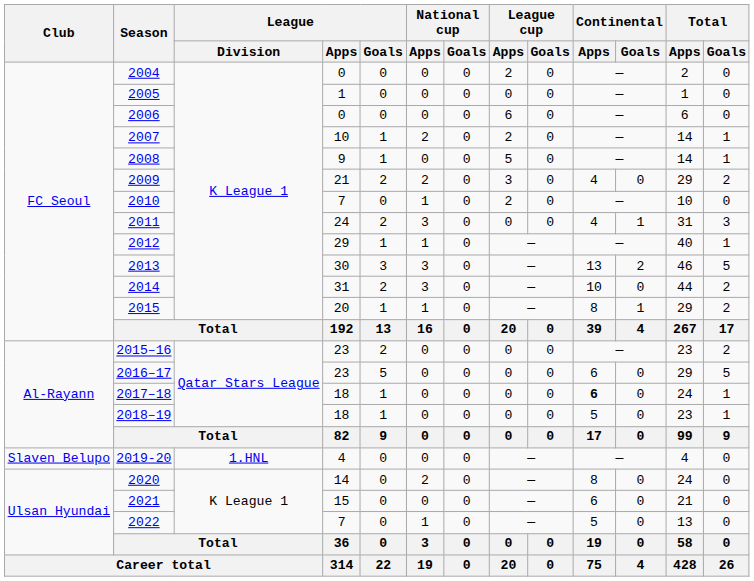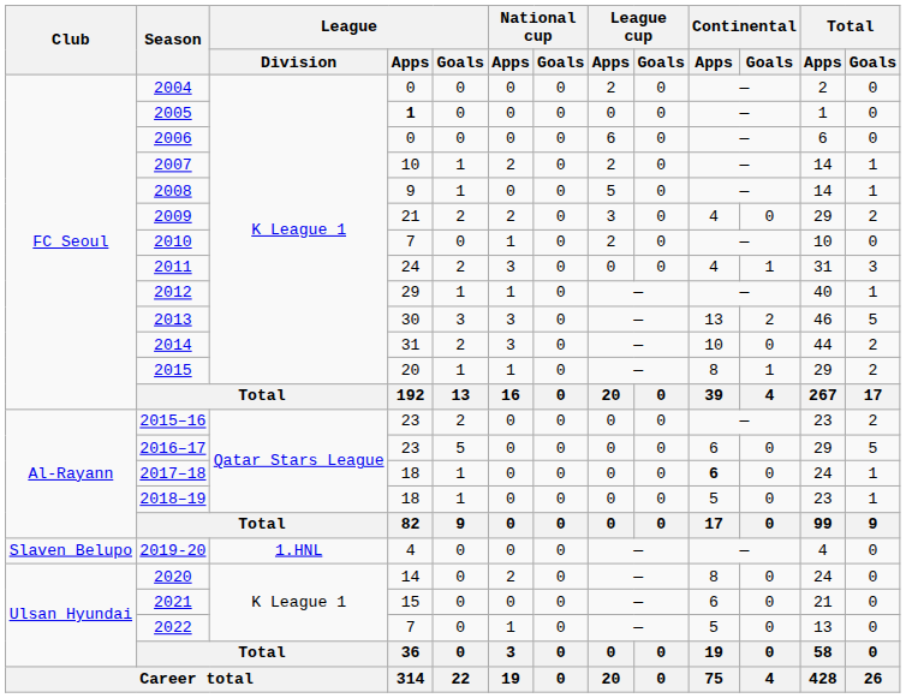 <table class="wikitable" style="text-align:center">
 <tr>
 <th rowspan="2">Club</th>
 <th rowspan="2">Season</th>
 <th colspan="3">League</th>
 <th colspan="2">National cup</th>
 <th colspan="2">League cup</th>
 <th colspan="2">Continental</th>
 <th colspan="2">Total</th>
 </tr>
 <tr>
 <th>Division</th>
 <th width="10">Apps</th>
 <th width="10">Goals</th>
 <th width="10">Apps</th>
 <th width="10">Goals</th>
 <th width="10">Apps</th>
 <th width="10">Goals</th>
 <th width="10">Apps</th>
 <th width="10">Goals</th>
 <th width="10">Apps</th>
 <th width="10">Goals</th>
 </tr>
 <tr>
 <td rowspan="13"><a href='#'>FC Seoul</a></td>
 <td><a href='#'>2004</a></td>
 <td rowspan="12"><a href='#'>K League 1</a></td>
 <td>0</td>
 <td>0</td>
 <td>0</td>
 <td>0</td>
 <td>2</td>
 <td>0</td>
 <td colspan="2">—</td>
 <td>2</td>
 <td>0</td>
 </tr>
 <tr>
 <td><a href='#'>2005</a></td>
-<td>1</td>
+<td><strong>1</strong></td>
 <td>0</td>
 <td>0</td>
 <td>0</td>
 <td>0</td>
 <td>0</td>
 <td colspan="2">—</td>
 <td>1</td>
 <td>0</td>
 </tr>
 <tr>
 <td><a href='#'>2006</a></td>
 <td>0</td>
 <td>0</td>
 <td>0</td>
 <td>0</td>
 <td>6</td>
 <td>0</td>
 <td colspan="2">—</td>
 <td>6</td>
 <td>0</td>
 </tr>
 <tr>
 <td><a href='#'>2007</a></td>
 <td>10</td>
 <td>1</td>
 <td>2</td>
 <td>0</td>
 <td>2</td>
 <td>0</td>
 <td colspan="2">—</td>
 <td>14</td>
 <td>1</td>
 </tr>
 <tr>
 <td><a href='#'>2008</a></td>
 <td>9</td>
 <td>1</td>
 <td>0</td>
 <td>0</td>
 <td>5</td>
 <td>0</td>
 <td colspan="2">—</td>
 <td>14</td>
 <td>1</td>
 </tr>
 <tr>
 <td><a href='#'>2009</a></td>
 <td>21</td>
 <td>2</td>
 <td>2</td>
 <td>0</td>
 <td>3</td>
 <td>0</td>
 <td>4</td>
 <td>0</td>
 <td>29</td>
 <td>2</td>
 </tr>
 <tr>
 <td><a href='#'>2010</a></td>
 <td>7</td>
 <td>0</td>
 <td>1</td>
 <td>0</td>
 <td>2</td>
 <td>0</td>
 <td colspan="2">—</td>
 <td>10</td>
 <td>0</td>
 </tr>
 <tr>
 <td><a href='#'>2011</a></td>
 <td>24</td>
 <td>2</td>
 <td>3</td>
 <td>0</td>
 <td>0</td>
 <td>0</td>
 <td>4</td>
 <td>1</td>
 <td>31</td>
 <td>3</td>
 </tr>
 <tr>
 <td><a href='#'>2012</a></td>
 <td>29</td>
 <td>1</td>
 <td>1</td>
 <td>0</td>
 <td colspan="2">—</td>
 <td colspan="2">—</td>
 <td>40</td>
 <td>1</td>
 </tr>
 <tr>
 <td><a href='#'>2013</a></td>
 <td>30</td>
 <td>3</td>
 <td>3</td>
 <td>0</td>
 <td colspan="2">—</td>
 <td>13</td>
 <td>2</td>
 <td>46</td>
 <td>5</td>
 </tr>
 <tr>
 <td><a href='#'>2014</a></td>
 <td>31</td>
 <td>2</td>
 <td>3</td>
 <td>0</td>
 <td colspan="2">—</td>
 <td>10</td>
 <td>0</td>
 <td>44</td>
 <td>2</td>
 </tr>
 <tr>
 <td><a href='#'>2015</a></td>
 <td>20</td>
 <td>1</td>
 <td>1</td>
 <td>0</td>
 <td colspan="2">—</td>
 <td>8</td>
 <td>1</td>
 <td>29</td>
 <td>2</td>
 </tr>
 <tr>
 <th colspan="2">Total</th>
 <th>192</th>
 <th>13</th>
 <th>16</th>
 <th>0</th>
 <th>20</th>
 <th>0</th>
 <th>39</th>
 <th>4</th>
 <th>267</th>
 <th>17</th>
 </tr>
 <tr>
 <td rowspan="5"><a href='#'>Al-Rayann</a></td>
 <td><a href='#'>2015–16</a></td>
 <td rowspan="4"><a href='#'>Qatar Stars League</a></td>
 <td>23</td>
 <td>2</td>
 <td>0</td>
 <td>0</td>
 <td>0</td>
 <td>0</td>
 <td colspan="2">—</td>
 <td>23</td>
 <td>2</td>
 </tr>
 <tr>
 <td><a href='#'>2016–17</a></td>
 <td>23</td>
 <td>5</td>
 <td>0</td>
 <td>0</td>
 <td>0</td>
 <td>0</td>
 <td>6</td>
 <td>0</td>
 <td>29</td>
 <td>5</td>
 </tr>
 <tr>
 <td><a href='#'>2017–18</a></td>
 <td>18</td>
 <td>1</td>
 <td>0</td>
 <td>0</td>
 <td>0</td>
 <td>0</td>
 <td><strong>6</strong></td>
 <td>0</td>
 <td>24</td>
 <td>1</td>
 </tr>
 <tr>
 <td><a href='#'>2018–19</a></td>
 <td>18</td>
 <td>1</td>
 <td>0</td>
 <td>0</td>
 <td>0</td>
 <td>0</td>
 <td>5</td>
 <td>0</td>
 <td>23</td>
 <td>1</td>
 </tr>
 <tr>
 <th colspan="2">Total</th>
 <th>82</th>
 <th>9</th>
 <th>0</th>
 <th>0</th>
 <th>0</th>
 <th>0</th>
 <th>17</th>
 <th>0</th>
 <th>99</th>
 <th>9</th>
 </tr>
 <tr>
 <td><a href='#'>Slaven Belupo</a></td>
 <td><a href='#'>2019-20</a></td>
 <td><a href='#'>1.HNL</a></td>
 <td>4</td>
 <td>0</td>
 <td>0</td>
 <td>0</td>
 <td colspan="2">—</td>
 <td colspan="2">—</td>
 <td>4</td>
 <td>0</td>
 </tr>
 <tr>
 <td rowspan="4"><a href='#'>Ulsan Hyundai</a></td>
 <td><a href='#'>2020</a></td>
 <td rowspan="3">K League 1</td>
 <td>14</td>
 <td>0</td>
 <td>2</td>
 <td>0</td>
 <td colspan="2">—</td>
 <td>8</td>
 <td>0</td>
 <td>24</td>
 <td>0</td>
 </tr>
 <tr>
 <td><a href='#'>2021</a></td>
 <td>15</td>
 <td>0</td>
 <td>0</td>
 <td>0</td>
 <td colspan="2">—</td>
 <td>6</td>
 <td>0</td>
 <td>21</td>
 <td>0</td>
 </tr>
 <tr>
 <td><a href='#'>2022</a></td>
 <td>7</td>
 <td>0</td>
 <td>1</td>
 <td>0</td>
 <td colspan="2">—</td>
 <td>5</td>
 <td>0</td>
 <td>13</td>
 <td>0</td>
 </tr>
 <tr>
 <th colspan="2">Total</th>
 <th>36</th>
 <th>0</th>
 <th>3</th>
 <th>0</th>
 <th>0</th>
 <th>0</th>
 <th>19</th>
 <th>0</th>
 <th>58</th>
 <th>0</th>
 </tr>
 <tr>
 <th colspan="3">Career total</th>
 <th>314</th>
 <th>22</th>
 <th>19</th>
 <th>0</th>
 <th>20</th>
 <th>0</th>
 <th>75</th>
 <th>4</th>
 <th>428</th>
 <th>26</th>
 </tr>
 </table>
